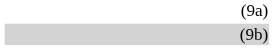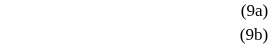 <table border="0" width="60%">
 <tr>
 <td width="33%"></td>
 <td width="34%" align="center"></td>
 <td width="33%" align="right">(9a)</td>
 </tr>
 <tr>
 <td width="33%"></td>
 <td width="34%" align="center"></td>
-<td width="33%" align="right" style="background: lightgrey;">(9b)</td>
+<td width="33%" align="right">(9b)</td>
 </tr>
 </table>
